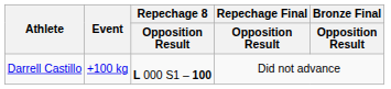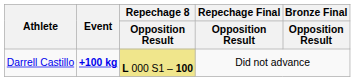 <table class="wikitable" style="font-size:90%">
 <tr>
 <th rowspan="2">Athlete</th>
 <th rowspan="2">Event</th>
 <th>Repechage 8</th>
 <th>Repechage Final</th>
 <th>Bronze Final</th>
 </tr>
 <tr>
 <th>Opposition<br>Result</th>
 <th>Opposition<br>Result</th>
 <th>Opposition<br>Result</th>
 </tr>
 <tr>
 <td><a href='#'>Darrell Castillo</a></td>
-<td><a href='#'>+100 kg</a></td>
-<td align=center><br><strong>L</strong> 000 S1 – <strong>100</strong></td>
+<td><strong><a href='#'>+100 kg</a></strong></td>
+<td align=center style="background: khaki;"><br><strong>L</strong> 000 S1 – <strong>100</strong></td>
 <td align=center colspan="5">Did not advance</td>
 </tr>
 </table>
